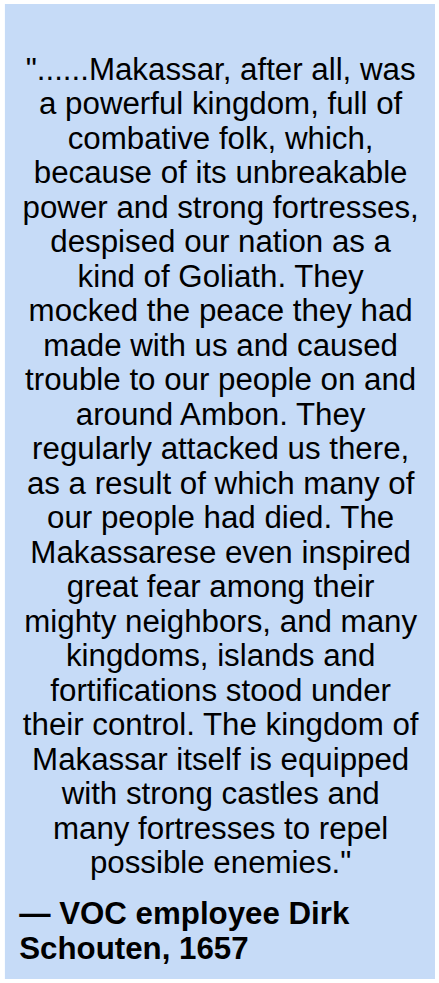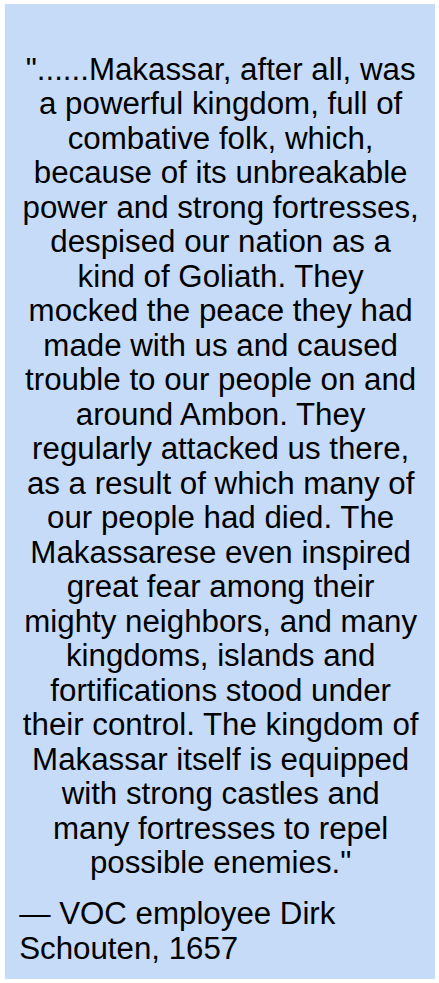 <table class="toccolours" style="float:right; margin-left:0; margin-right:1em; font-size:85%; background:#c6dbf7; color:black; width:25em; max-width:30%;" cellspacing="5">
 <tr>
 <td style="text-align: center;"><br>"......Makassar, after all, was a powerful kingdom, full of combative folk, which, because of its unbreakable power and strong fortresses, despised our nation as a kind of Goliath. They mocked the peace they had made with us and caused trouble to our people on and around Ambon. They regularly attacked us there, as a result of which many of our people had died. The Makassarese even inspired great fear among their mighty neighbors, and many kingdoms, islands and fortifications stood under their control. The kingdom of Makassar itself is equipped with strong castles and many fortresses to repel possible enemies."</td>
 </tr>
 <tr>
-<td style="text-align: left;"><strong>— VOC employee Dirk Schouten, 1657<br></strong></td>
+<td style="text-align: left;">— VOC employee Dirk Schouten, 1657<br></td>
 </tr>
 </table>
